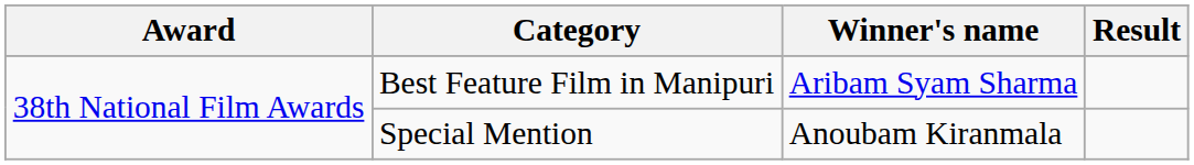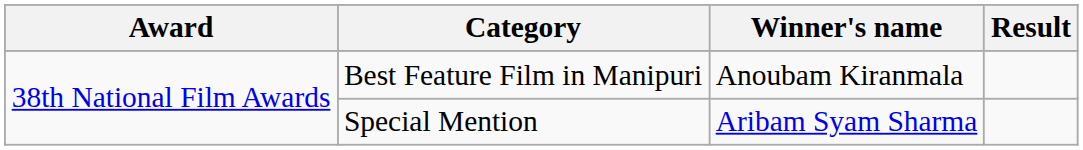 <table class="wikitable sortable">
 <tr>
 <th>Award</th>
 <th>Category</th>
 <th>Winner's name</th>
 <th>Result</th>
 </tr>
 <tr>
 <td rowspan="2"><a href='#'>38th National Film Awards</a></td>
 <td>Best Feature Film in Manipuri</td>
-<td><a href='#'>Aribam Syam Sharma</a></td>
+<td>Anoubam Kiranmala</td>
 <td></td>
 </tr>
 <tr>
 <td>Special Mention</td>
-<td>Anoubam Kiranmala</td>
+<td><a href='#'>Aribam Syam Sharma</a></td>
 <td></td>
 </tr>
 </table>
